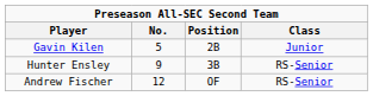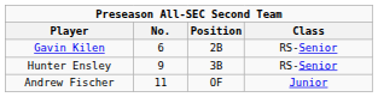 <table class="wikitable" style="text-align:center">
 <tr>
 <td colspan="5"><strong>Preseason All-SEC Second Team</strong></td>
 </tr>
 <tr>
 <th style="width:150px; ">Player</th>
 <th style="width:60px; ">No.</th>
 <th style="width:60px; ">Position</th>
 <th style="width:150px; ">Class</th>
 </tr>
 <tr>
 <td><a href='#'>Gavin Kilen</a></td>
-<td>5</td>
+<td>6</td>
 <td>2B</td>
-<td><a href='#'>Junior</a></td>
+<td>RS-<a href='#'>Senior</a></td>
 </tr>
 <tr>
 <td>Hunter Ensley</td>
 <td>9</td>
 <td>3B</td>
 <td>RS-<a href='#'>Senior</a></td>
 </tr>
 <tr>
 <td>Andrew Fischer</td>
-<td>12</td>
+<td>11</td>
 <td>OF</td>
-<td>RS-<a href='#'>Senior</a></td>
+<td><a href='#'>Junior</a></td>
 </tr>
 </table>
